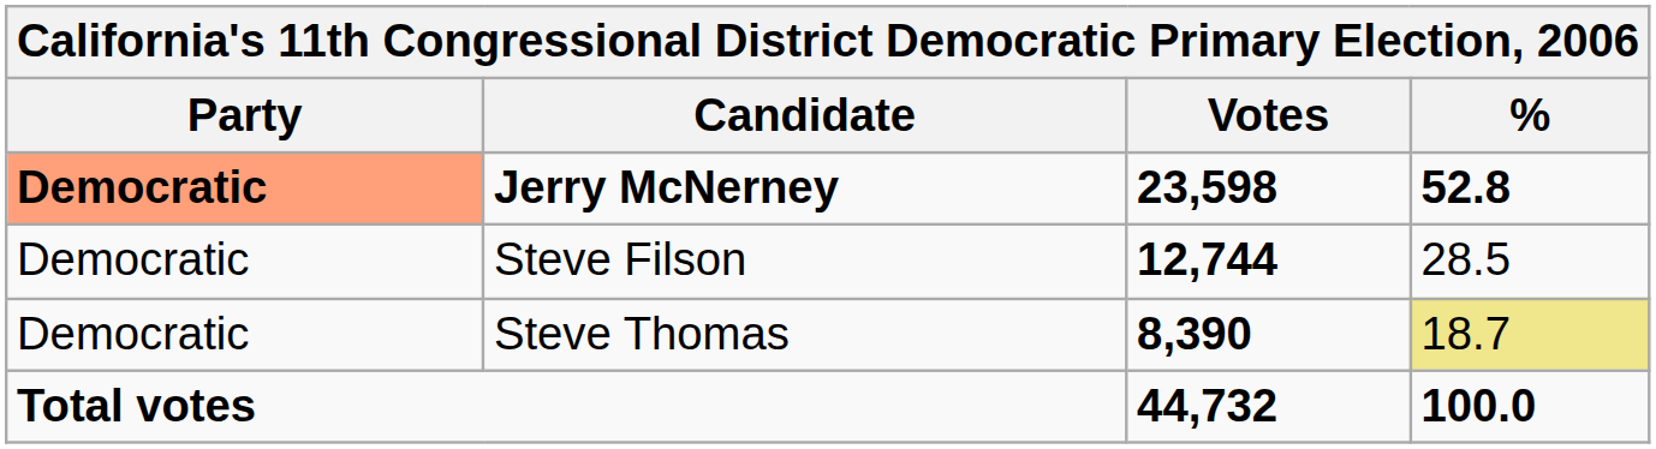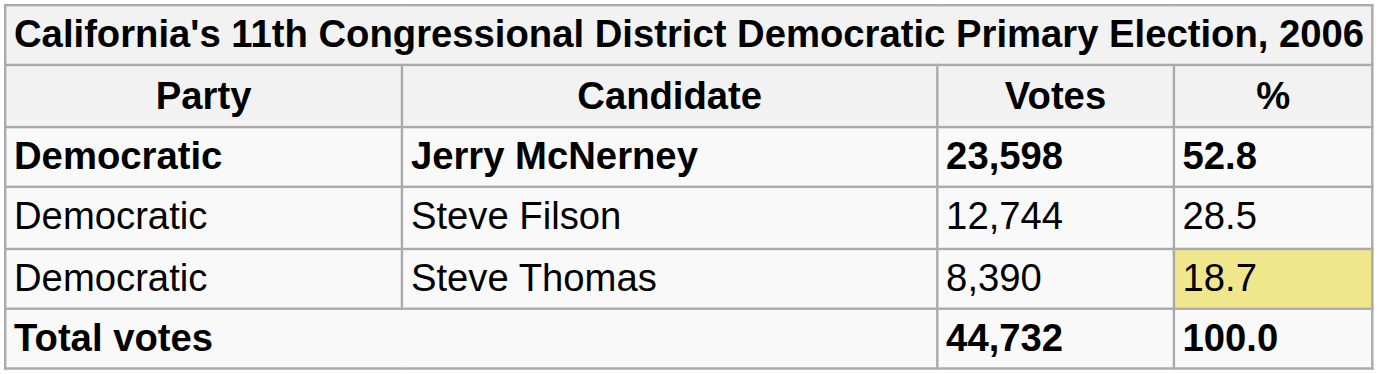 <table class="wikitable">
 <tr>
 <th colspan="4">California's 11th Congressional District Democratic Primary Election, 2006</th>
 </tr>
 <tr>
 <th>Party</th>
 <th>Candidate</th>
 <th>Votes</th>
 <th>%</th>
 </tr>
 <tr>
-<td style="background: lightsalmon;"><strong>Democratic</strong></td>
+<td><strong>Democratic</strong></td>
 <td><strong>Jerry McNerney</strong></td>
 <td><strong>23,598</strong></td>
 <td><strong>52.8</strong></td>
 </tr>
 <tr>
 <td>Democratic</td>
 <td>Steve Filson</td>
-<td><strong>12,744</strong></td>
+<td>12,744</td>
 <td>28.5</td>
 </tr>
 <tr>
 <td>Democratic</td>
 <td>Steve Thomas</td>
-<td><strong>8,390</strong></td>
+<td>8,390</td>
 <td style="background: khaki;">18.7</td>
 </tr>
 <tr>
 <td colspan="2"><strong>Total votes</strong></td>
 <td><strong>44,732</strong></td>
 <td><strong>100.0</strong></td>
 </tr>
 </table>
